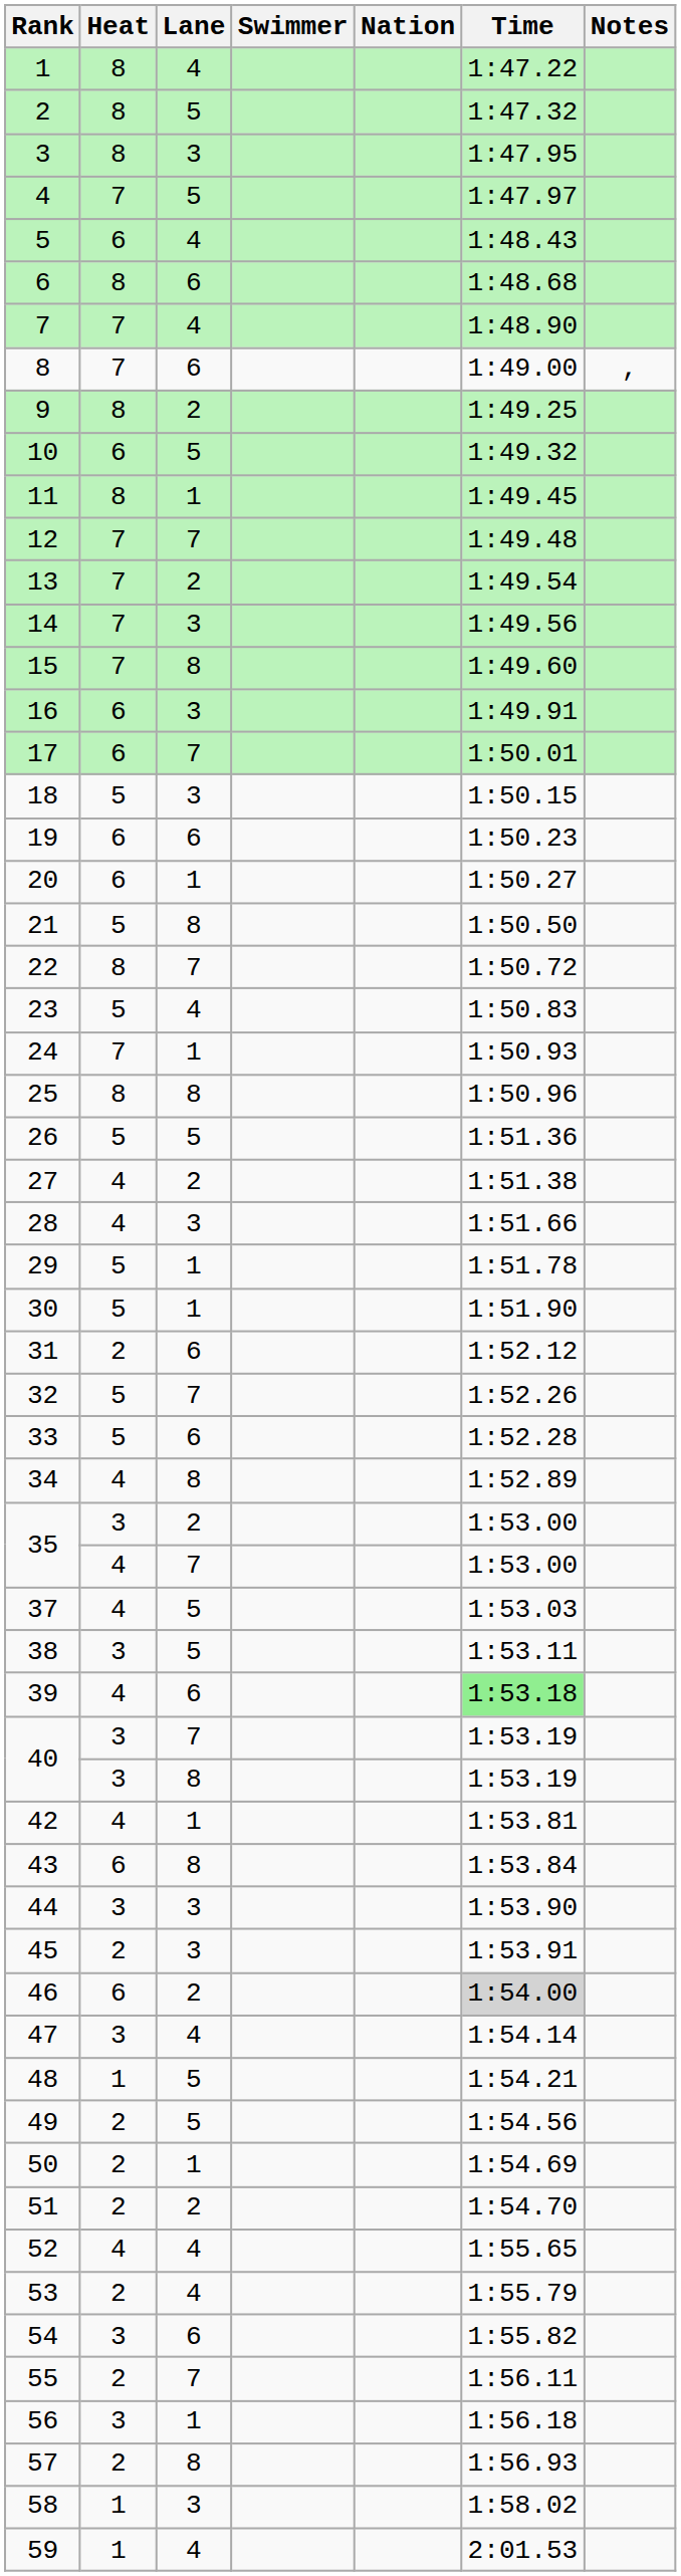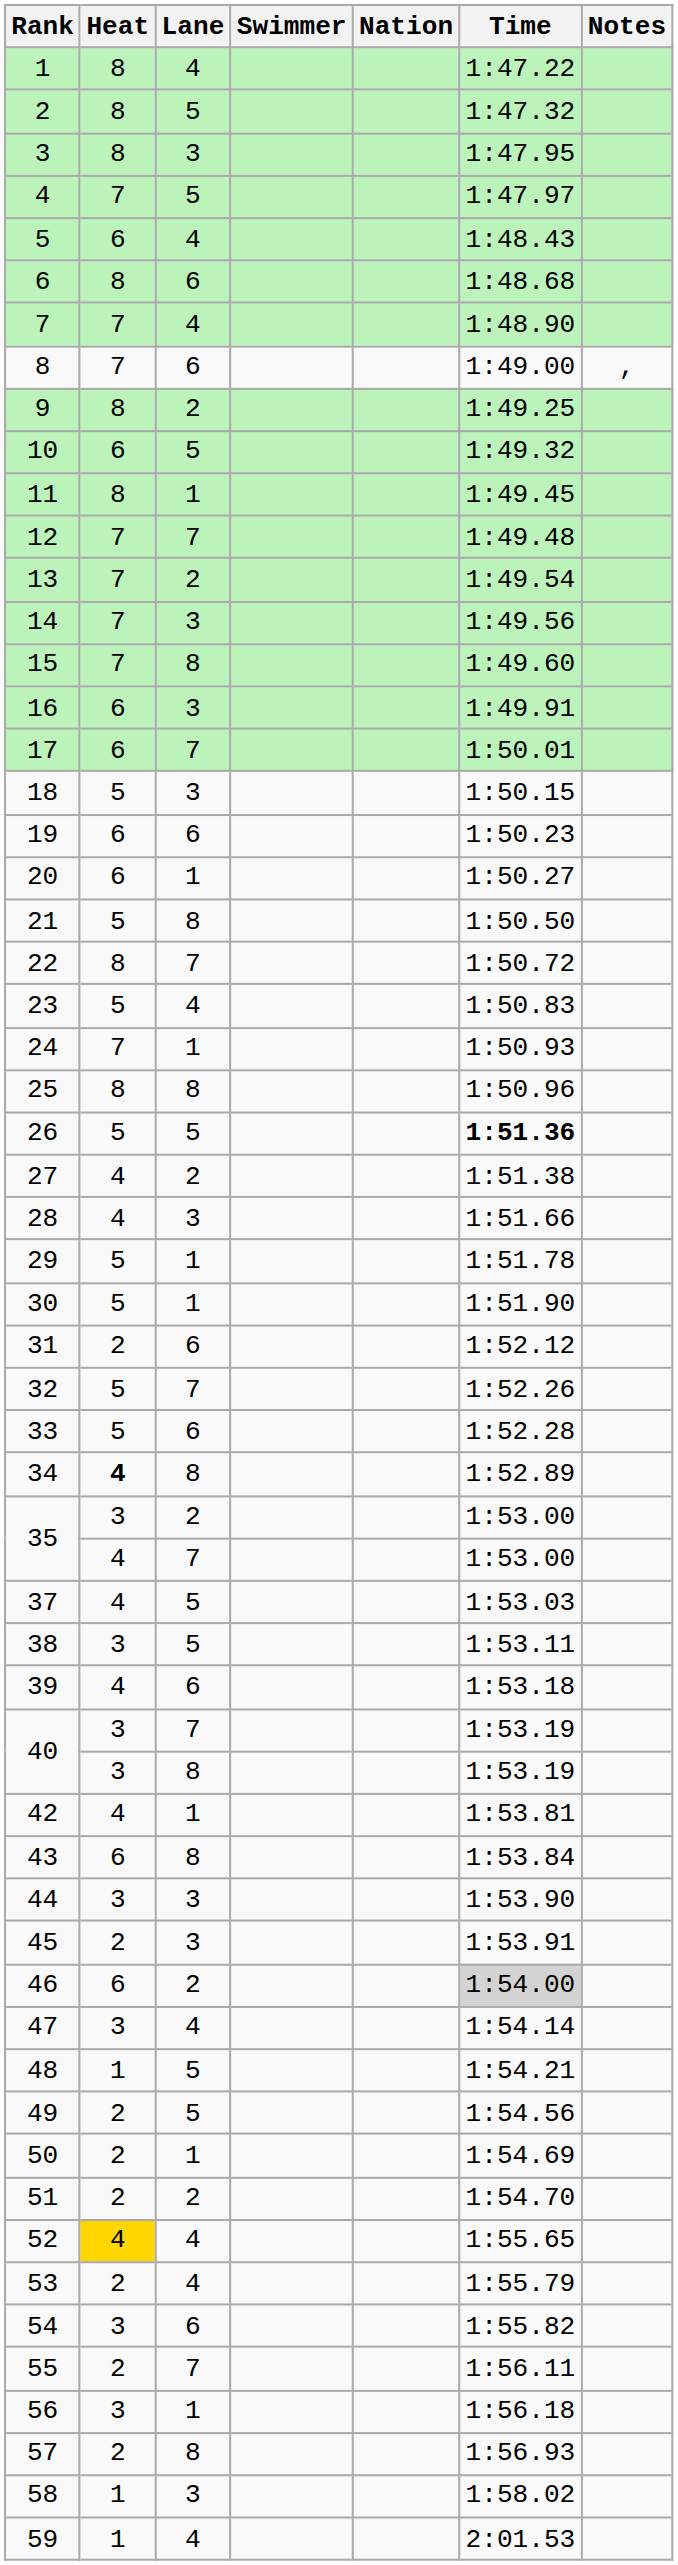 <table class="wikitable sortable" style="text-align:center">
 <tr>
 <th>Rank</th>
 <th>Heat</th>
 <th>Lane</th>
 <th>Swimmer</th>
 <th>Nation</th>
 <th>Time</th>
 <th>Notes</th>
 </tr>
 <tr style="background:#bbf3bb;">
 <td>1</td>
 <td>8</td>
 <td>4</td>
 <td align=left></td>
 <td align=left></td>
 <td>1:47.22</td>
 <td></td>
 </tr>
 <tr style="background:#bbf3bb;">
 <td>2</td>
 <td>8</td>
 <td>5</td>
 <td align=left></td>
 <td align=left></td>
 <td>1:47.32</td>
 <td></td>
 </tr>
 <tr style="background:#bbf3bb;">
 <td>3</td>
 <td>8</td>
 <td>3</td>
 <td align=left></td>
 <td align=left></td>
 <td>1:47.95</td>
 <td></td>
 </tr>
 <tr style="background:#bbf3bb;">
 <td>4</td>
 <td>7</td>
 <td>5</td>
 <td align=left></td>
 <td align=left></td>
 <td>1:47.97</td>
 <td></td>
 </tr>
 <tr style="background:#bbf3bb;">
 <td>5</td>
 <td>6</td>
 <td>4</td>
 <td align=left></td>
 <td align=left></td>
 <td>1:48.43</td>
 <td></td>
 </tr>
 <tr style="background:#bbf3bb;">
 <td>6</td>
 <td>8</td>
 <td>6</td>
 <td align=left></td>
 <td align=left></td>
 <td>1:48.68</td>
 <td></td>
 </tr>
 <tr style="background:#bbf3bb;">
 <td>7</td>
 <td>7</td>
 <td>4</td>
 <td align=left></td>
 <td align=left></td>
 <td>1:48.90</td>
 <td></td>
 </tr>
 <tr>
 <td>8</td>
 <td>7</td>
 <td>6</td>
 <td align=left></td>
 <td align=left></td>
 <td>1:49.00</td>
 <td>, </td>
 </tr>
 <tr style="background:#bbf3bb;">
 <td>9</td>
 <td>8</td>
 <td>2</td>
 <td align=left></td>
 <td align=left></td>
 <td>1:49.25</td>
 <td></td>
 </tr>
 <tr style="background:#bbf3bb;">
 <td>10</td>
 <td>6</td>
 <td>5</td>
 <td align=left></td>
 <td align=left></td>
 <td>1:49.32</td>
 <td></td>
 </tr>
 <tr style="background:#bbf3bb;">
 <td>11</td>
 <td>8</td>
 <td>1</td>
 <td align=left></td>
 <td align=left></td>
 <td>1:49.45</td>
 <td></td>
 </tr>
 <tr style="background:#bbf3bb;">
 <td>12</td>
 <td>7</td>
 <td>7</td>
 <td align=left></td>
 <td align=left></td>
 <td>1:49.48</td>
 <td></td>
 </tr>
 <tr style="background:#bbf3bb;">
 <td>13</td>
 <td>7</td>
 <td>2</td>
 <td align=left></td>
 <td align=left></td>
 <td>1:49.54</td>
 <td></td>
 </tr>
 <tr style="background:#bbf3bb;">
 <td>14</td>
 <td>7</td>
 <td>3</td>
 <td align=left></td>
 <td align=left></td>
 <td>1:49.56</td>
 <td></td>
 </tr>
 <tr style="background:#bbf3bb;">
 <td>15</td>
 <td>7</td>
 <td>8</td>
 <td align=left></td>
 <td align=left></td>
 <td>1:49.60</td>
 <td></td>
 </tr>
 <tr style="background:#bbf3bb;">
 <td>16</td>
 <td>6</td>
 <td>3</td>
 <td align=left></td>
 <td align=left></td>
 <td>1:49.91</td>
 <td></td>
 </tr>
 <tr style="background:#bbf3bb;">
 <td>17</td>
 <td>6</td>
 <td>7</td>
 <td align=left></td>
 <td align=left></td>
 <td>1:50.01</td>
 <td></td>
 </tr>
 <tr>
 <td>18</td>
 <td>5</td>
 <td>3</td>
 <td align=left></td>
 <td align=left></td>
 <td>1:50.15</td>
 <td></td>
 </tr>
 <tr>
 <td>19</td>
 <td>6</td>
 <td>6</td>
 <td align=left></td>
 <td align=left></td>
 <td>1:50.23</td>
 <td></td>
 </tr>
 <tr>
 <td>20</td>
 <td>6</td>
 <td>1</td>
 <td align=left></td>
 <td align=left></td>
 <td>1:50.27</td>
 <td></td>
 </tr>
 <tr>
 <td>21</td>
 <td>5</td>
 <td>8</td>
 <td align=left></td>
 <td align=left></td>
 <td>1:50.50</td>
 <td></td>
 </tr>
 <tr>
 <td>22</td>
 <td>8</td>
 <td>7</td>
 <td align=left></td>
 <td align=left></td>
 <td>1:50.72</td>
 <td></td>
 </tr>
 <tr>
 <td>23</td>
 <td>5</td>
 <td>4</td>
 <td align=left></td>
 <td align=left></td>
 <td>1:50.83</td>
 <td></td>
 </tr>
 <tr>
 <td>24</td>
 <td>7</td>
 <td>1</td>
 <td align=left></td>
 <td align=left></td>
 <td>1:50.93</td>
 <td></td>
 </tr>
 <tr>
 <td>25</td>
 <td>8</td>
 <td>8</td>
 <td align=left></td>
 <td align=left></td>
 <td>1:50.96</td>
 <td></td>
 </tr>
 <tr>
 <td>26</td>
 <td>5</td>
 <td>5</td>
 <td align=left></td>
 <td align=left></td>
-<td>1:51.36</td>
+<td><strong>1:51.36</strong></td>
 <td></td>
 </tr>
 <tr>
 <td>27</td>
 <td>4</td>
 <td>2</td>
 <td align=left></td>
 <td align=left></td>
 <td>1:51.38</td>
 <td></td>
 </tr>
 <tr>
 <td>28</td>
 <td>4</td>
 <td>3</td>
 <td align=left></td>
 <td align=left></td>
 <td>1:51.66</td>
 <td></td>
 </tr>
 <tr>
 <td>29</td>
 <td>5</td>
 <td>1</td>
 <td align=left></td>
 <td align=left></td>
 <td>1:51.78</td>
 <td></td>
 </tr>
 <tr>
 <td>30</td>
 <td>5</td>
 <td>1</td>
 <td align=left></td>
 <td align=left></td>
 <td>1:51.90</td>
 <td></td>
 </tr>
 <tr>
 <td>31</td>
 <td>2</td>
 <td>6</td>
 <td align=left></td>
 <td align=left></td>
 <td>1:52.12</td>
 <td></td>
 </tr>
 <tr>
 <td>32</td>
 <td>5</td>
 <td>7</td>
 <td align=left></td>
 <td align=left></td>
 <td>1:52.26</td>
 <td></td>
 </tr>
 <tr>
 <td>33</td>
 <td>5</td>
 <td>6</td>
 <td align=left></td>
 <td align=left></td>
 <td>1:52.28</td>
 <td></td>
 </tr>
 <tr>
 <td>34</td>
-<td>4</td>
+<td><strong>4</strong></td>
 <td>8</td>
 <td align=left></td>
 <td align=left></td>
 <td>1:52.89</td>
 <td></td>
 </tr>
 <tr>
 <td rowspan=2>35</td>
 <td>3</td>
 <td>2</td>
 <td align=left></td>
 <td align=left></td>
 <td>1:53.00</td>
 <td></td>
 </tr>
 <tr>
 <td>4</td>
 <td>7</td>
 <td align=left></td>
 <td align=left></td>
 <td>1:53.00</td>
 <td></td>
 </tr>
 <tr>
 <td>37</td>
 <td>4</td>
 <td>5</td>
 <td align=left></td>
 <td align=left></td>
 <td>1:53.03</td>
 <td></td>
 </tr>
 <tr>
 <td>38</td>
 <td>3</td>
 <td>5</td>
 <td align=left></td>
 <td align=left></td>
 <td>1:53.11</td>
 <td></td>
 </tr>
 <tr>
 <td>39</td>
 <td>4</td>
 <td>6</td>
 <td align=left></td>
 <td align=left></td>
-<td style="background: lightgreen;">1:53.18</td>
+<td>1:53.18</td>
 <td></td>
 </tr>
 <tr>
 <td rowspan=2>40</td>
 <td>3</td>
 <td>7</td>
 <td align=left></td>
 <td align=left></td>
 <td>1:53.19</td>
 <td></td>
 </tr>
 <tr>
 <td>3</td>
 <td>8</td>
 <td align=left></td>
 <td align=left></td>
 <td>1:53.19</td>
 <td></td>
 </tr>
 <tr>
 <td>42</td>
 <td>4</td>
 <td>1</td>
 <td align=left></td>
 <td align=left></td>
 <td>1:53.81</td>
 <td></td>
 </tr>
 <tr>
 <td>43</td>
 <td>6</td>
 <td>8</td>
 <td align=left></td>
 <td align=left></td>
 <td>1:53.84</td>
 <td></td>
 </tr>
 <tr>
 <td>44</td>
 <td>3</td>
 <td>3</td>
 <td align=left></td>
 <td align=left></td>
 <td>1:53.90</td>
 <td></td>
 </tr>
 <tr>
 <td>45</td>
 <td>2</td>
 <td>3</td>
 <td align=left></td>
 <td align=left></td>
 <td>1:53.91</td>
 <td></td>
 </tr>
 <tr>
 <td>46</td>
 <td>6</td>
 <td>2</td>
 <td align=left></td>
 <td align=left></td>
 <td style="background: lightgrey;">1:54.00</td>
 <td></td>
 </tr>
 <tr>
 <td>47</td>
 <td>3</td>
 <td>4</td>
 <td align=left></td>
 <td align=left></td>
 <td>1:54.14</td>
 <td></td>
 </tr>
 <tr>
 <td>48</td>
 <td>1</td>
 <td>5</td>
 <td align=left></td>
 <td align=left></td>
 <td>1:54.21</td>
 <td></td>
 </tr>
 <tr>
 <td>49</td>
 <td>2</td>
 <td>5</td>
 <td align=left></td>
 <td align=left></td>
 <td>1:54.56</td>
 <td></td>
 </tr>
 <tr>
 <td>50</td>
 <td>2</td>
 <td>1</td>
 <td align=left></td>
 <td align=left></td>
 <td>1:54.69</td>
 <td></td>
 </tr>
 <tr>
 <td>51</td>
 <td>2</td>
 <td>2</td>
 <td align=left></td>
 <td align=left></td>
 <td>1:54.70</td>
 <td></td>
 </tr>
 <tr>
 <td>52</td>
-<td>4</td>
+<td style="background: gold;">4</td>
 <td>4</td>
 <td align=left></td>
 <td align=left></td>
 <td>1:55.65</td>
 <td></td>
 </tr>
 <tr>
 <td>53</td>
 <td>2</td>
 <td>4</td>
 <td align=left></td>
 <td align=left></td>
 <td>1:55.79</td>
 <td></td>
 </tr>
 <tr>
 <td>54</td>
 <td>3</td>
 <td>6</td>
 <td align=left></td>
 <td align=left></td>
 <td>1:55.82</td>
 <td></td>
 </tr>
 <tr>
 <td>55</td>
 <td>2</td>
 <td>7</td>
 <td align=left></td>
 <td align=left></td>
 <td>1:56.11</td>
 <td></td>
 </tr>
 <tr>
 <td>56</td>
 <td>3</td>
 <td>1</td>
 <td align=left></td>
 <td align=left></td>
 <td>1:56.18</td>
 <td></td>
 </tr>
 <tr>
 <td>57</td>
 <td>2</td>
 <td>8</td>
 <td align=left></td>
 <td align=left></td>
 <td>1:56.93</td>
 <td></td>
 </tr>
 <tr>
 <td>58</td>
 <td>1</td>
 <td>3</td>
 <td align=left></td>
 <td align=left></td>
 <td>1:58.02</td>
 <td></td>
 </tr>
 <tr>
 <td>59</td>
 <td>1</td>
 <td>4</td>
 <td align=left></td>
 <td align=left></td>
 <td>2:01.53</td>
 <td></td>
 </tr>
 </table>
